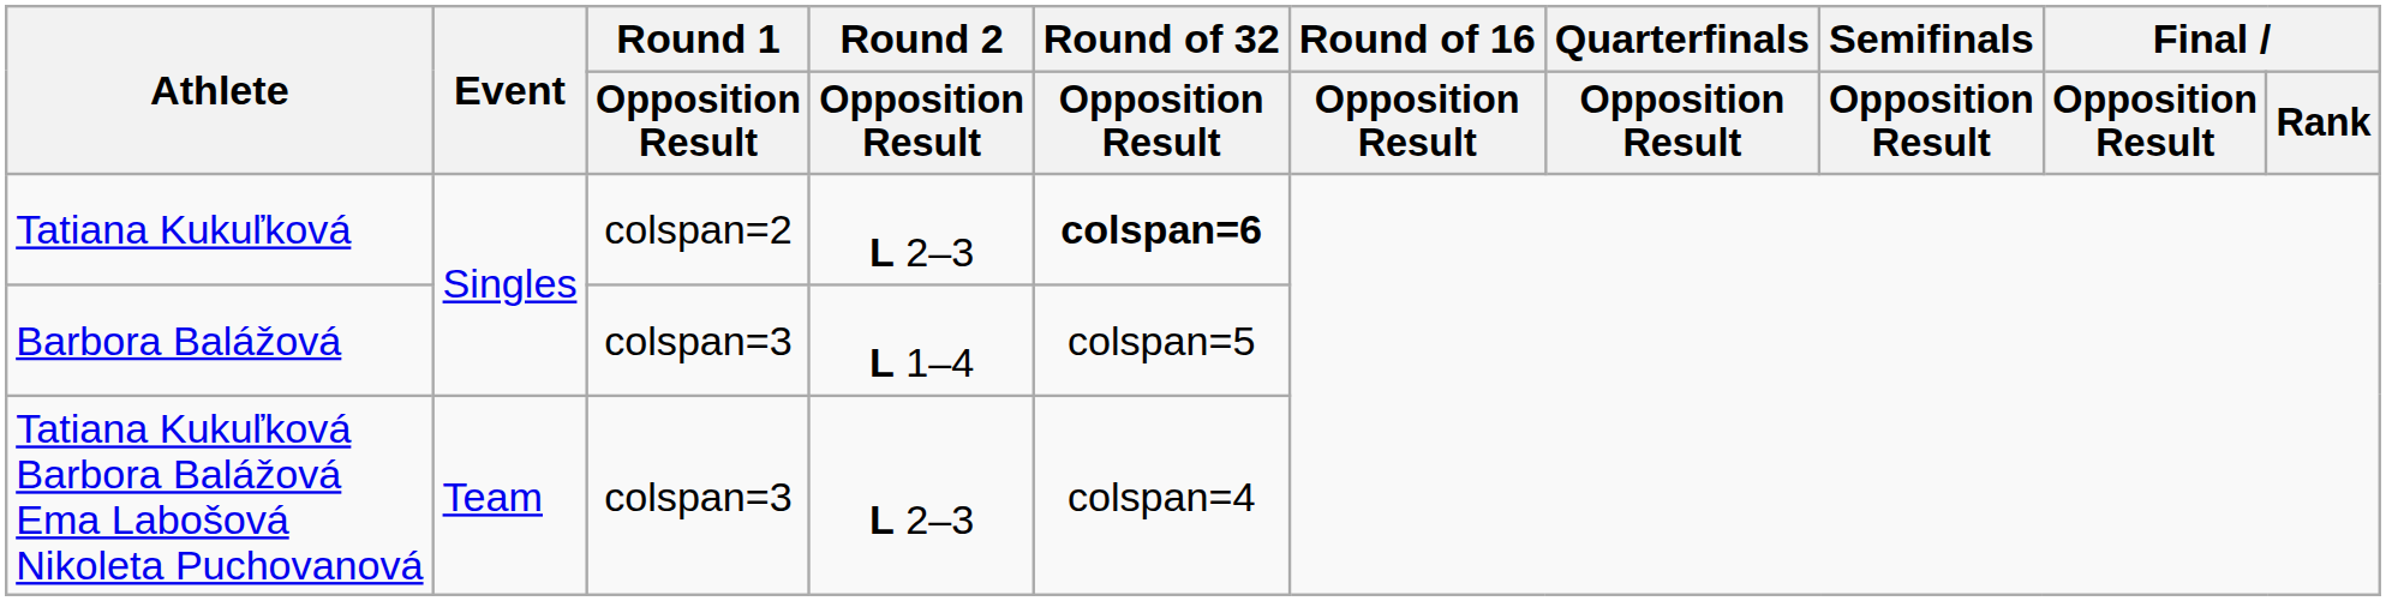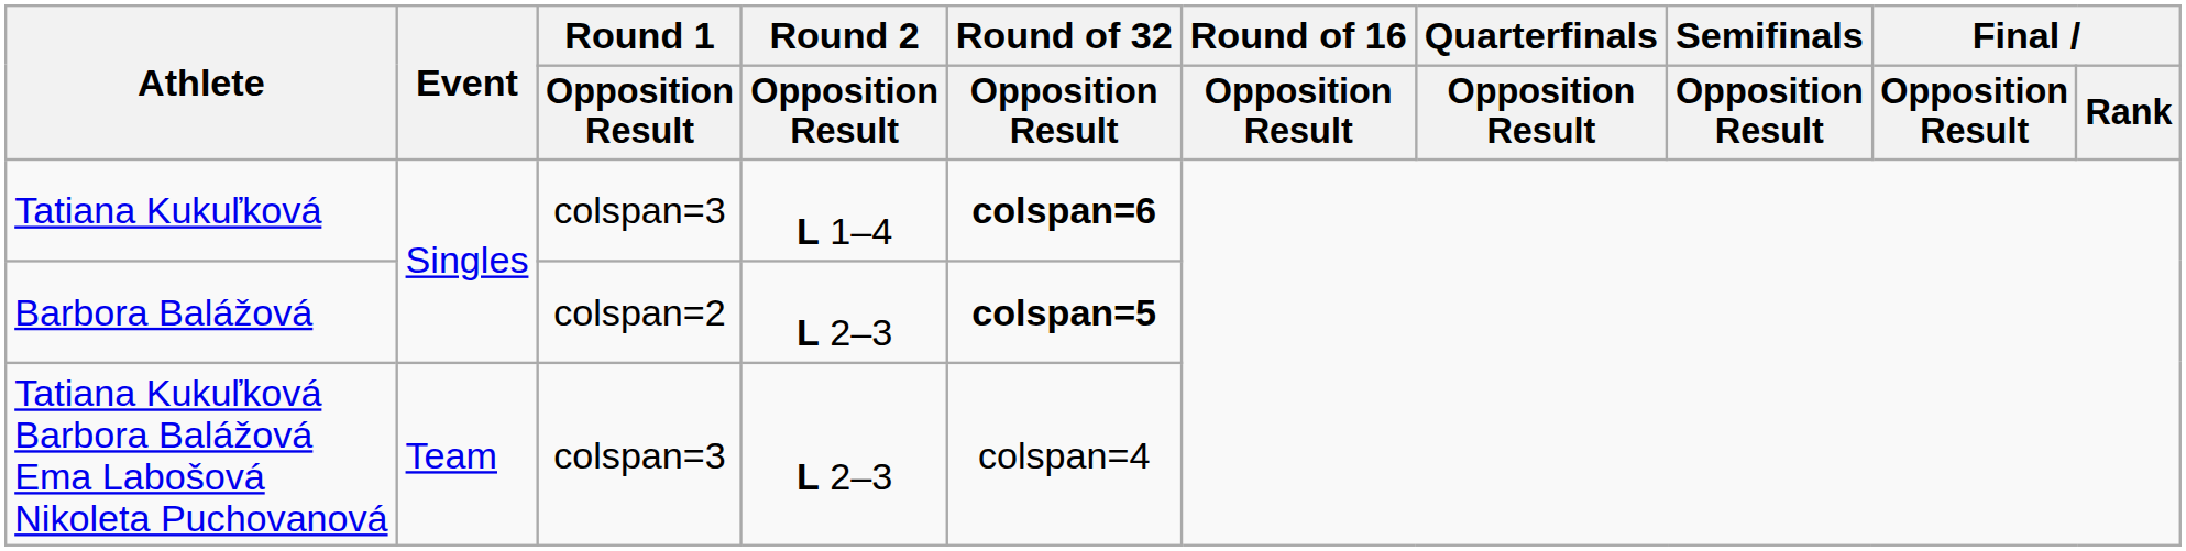 <table class="wikitable" style="font-size:90%">
 <tr>
 <th rowspan=2>Athlete</th>
 <th rowspan=2>Event</th>
 <th>Round 1</th>
 <th>Round 2</th>
 <th>Round of 32</th>
 <th>Round of 16</th>
 <th>Quarterfinals</th>
 <th>Semifinals</th>
 <th colspan=2>Final / </th>
 </tr>
 <tr style="font-size:95%">
 <th>Opposition<br>Result</th>
 <th>Opposition<br>Result</th>
 <th>Opposition<br>Result</th>
 <th>Opposition<br>Result</th>
 <th>Opposition<br>Result</th>
 <th>Opposition<br>Result</th>
 <th>Opposition<br>Result</th>
 <th>Rank</th>
 </tr>
 <tr align=center>
 <td align=left><a href='#'>Tatiana Kukuľková</a></td>
 <td align=left rowspan=2><a href='#'>Singles</a></td>
-<td>colspan=2</td>
-<td><br><strong>L</strong> 2–3</td>
+<td>colspan=3</td>
+<td><br><strong>L</strong> 1–4</td>
 <td><strong>colspan=6 </strong></td>
 </tr>
 <tr align=center>
 <td align=left><a href='#'>Barbora Balážová</a></td>
-<td>colspan=3</td>
-<td><br><strong>L</strong> 1–4</td>
-<td>colspan=5 </td>
+<td>colspan=2</td>
+<td><br><strong>L</strong> 2–3</td>
+<td><strong>colspan=5 </strong></td>
 </tr>
 <tr align=center>
 <td align=left><a href='#'>Tatiana Kukuľková</a><br><a href='#'>Barbora Balážová</a><br><a href='#'>Ema Labošová</a><br><a href='#'>Nikoleta Puchovanová</a></td>
 <td align=left><a href='#'>Team</a></td>
 <td>colspan=3</td>
 <td><br><strong>L</strong> 2–3</td>
 <td>colspan=4 </td>
 </tr>
 </table>
